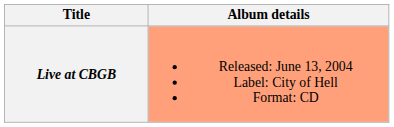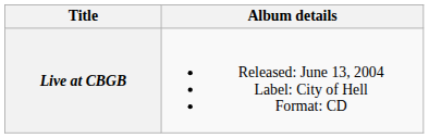 <table class="wikitable plainrowheaders" style="text-align:center;">
 <tr>
 <th scope="col" rowspan="1" style="width:10em;">Title</th>
 <th scope="col" rowspan="1" style="width:17em;">Album details</th>
 </tr>
 <tr>
 <th scope="row"><em>Live at CBGB</em></th>
-<td style="background: lightsalmon;"><br><ul><li>Released: June 13, 2004</li><li>Label: City of Hell</li><li>Format: CD</li></ul></td>
+<td><br><ul><li>Released: June 13, 2004</li><li>Label: City of Hell</li><li>Format: CD</li></ul></td>
 </tr>
 </table>
